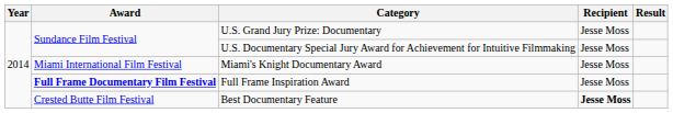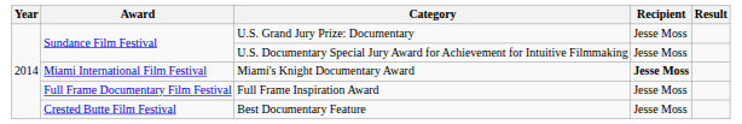 <table class="wikitable sortable" style="margin:1em auto;">
 <tr>
 <th>Year</th>
 <th>Award</th>
 <th>Category</th>
 <th>Recipient</th>
 <th>Result</th>
 </tr>
 <tr>
 <td rowspan="5">2014</td>
 <td rowspan="2"><a href='#'>Sundance Film Festival</a></td>
 <td>U.S. Grand Jury Prize: Documentary</td>
 <td>Jesse Moss</td>
 <td></td>
 </tr>
 <tr>
 <td>U.S. Documentary Special Jury Award for Achievement for Intuitive Filmmaking</td>
 <td>Jesse Moss</td>
 <td></td>
 </tr>
 <tr>
 <td><a href='#'>Miami International Film Festival</a></td>
 <td>Miami's Knight Documentary Award</td>
-<td>Jesse Moss </td>
+<td><strong>Jesse Moss </strong></td>
 <td></td>
 </tr>
 <tr>
-<td><strong><a href='#'>Full Frame Documentary Film Festival</a></strong></td>
+<td><a href='#'>Full Frame Documentary Film Festival</a></td>
 <td>Full Frame Inspiration Award</td>
 <td>Jesse Moss</td>
 <td></td>
 </tr>
 <tr>
 <td><a href='#'>Crested Butte Film Festival</a></td>
 <td>Best Documentary Feature</td>
-<td><strong>Jesse Moss</strong></td>
+<td>Jesse Moss</td>
 <td></td>
 </tr>
 </table>
